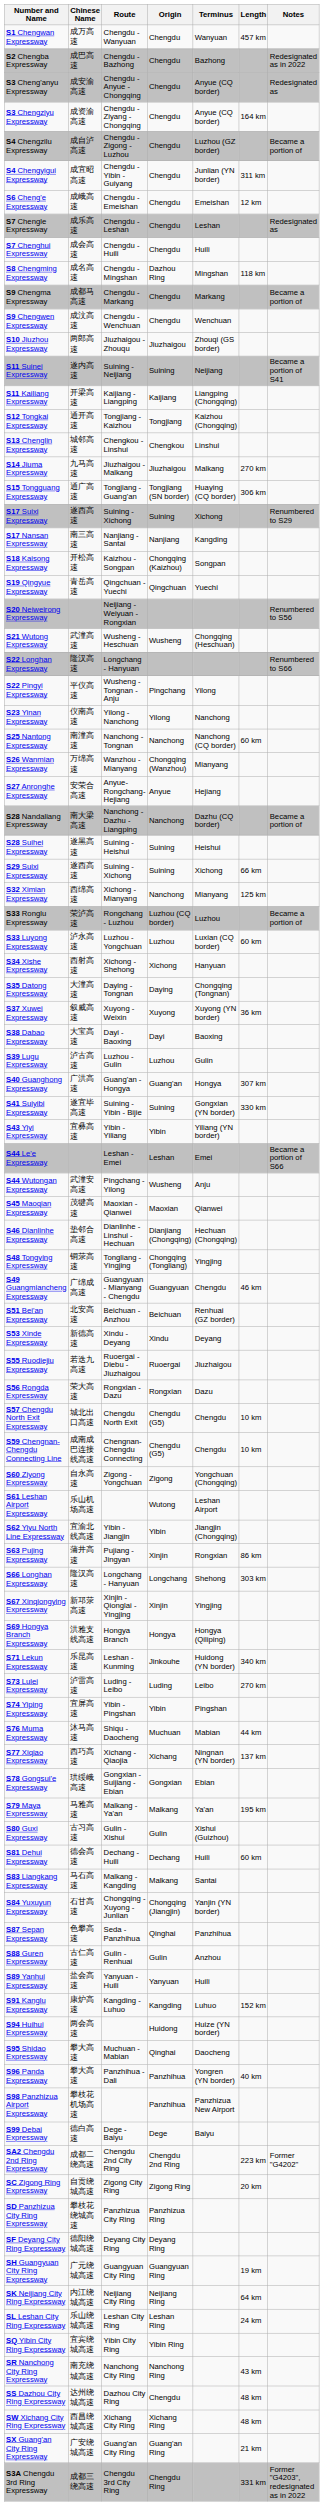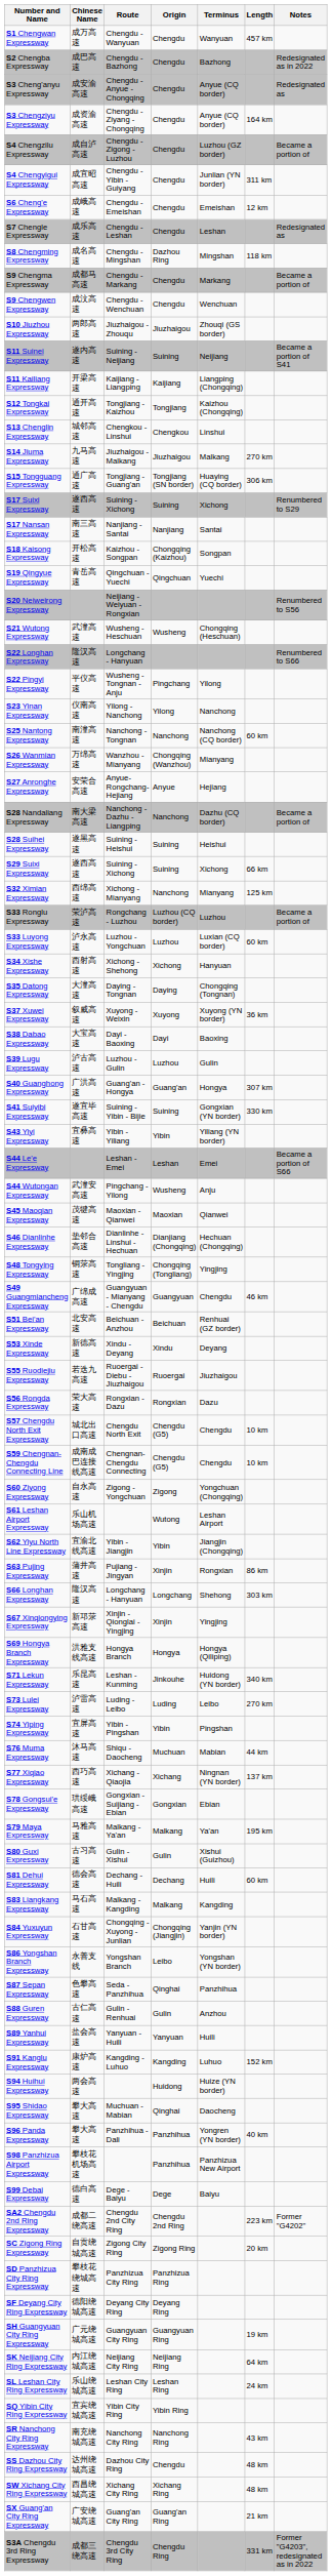 <table class="wikitable collapsible">
 <tr>
 <th>Number and Name</th>
 <th>Chinese Name</th>
 <th>Route</th>
 <th>Origin</th>
 <th>Terminus</th>
 <th>Length</th>
 <th>Notes</th>
 </tr>
 <tr>
 <td> <a href='#'><strong>S1</strong> Chengwan Expressway</a></td>
 <td>成万高速</td>
 <td>Chengdu - Wanyuan</td>
 <td>Chengdu</td>
 <td>Wanyuan</td>
 <td>457 km</td>
 <td></td>
 </tr>
 <tr style="background:Silver; color:black;">
 <td> <strong>S2</strong> Chengba Expressway</td>
 <td>成巴高速</td>
 <td>Chengdu - Bazhong</td>
 <td>Chengdu</td>
 <td>Bazhong</td>
 <td></td>
 <td>Redesignated as  in 2022</td>
 </tr>
 <tr style="background:Silver; color:black;">
 <td> <strong>S3</strong> Cheng'anyu Expressway</td>
 <td>成安渝高速</td>
 <td>Chengdu - Anyue - Chongqing</td>
 <td>Chengdu</td>
 <td>Anyue (CQ border)</td>
 <td></td>
 <td>Redesignated as </td>
 </tr>
 <tr>
 <td> <a href='#'><strong>S3</strong> Chengziyu Expressway</a></td>
 <td>成资渝高速</td>
 <td>Chengdu - Ziyang - Chongqing</td>
 <td>Chengdu</td>
 <td>Anyue (CQ border)</td>
 <td>164 km</td>
 <td></td>
 </tr>
 <tr style="background:Silver; color:black;">
 <td> <strong>S4</strong> Chengzilu Expressway</td>
 <td>成自泸高速</td>
 <td>Chengdu - Zigong - Luzhou</td>
 <td>Chengdu</td>
 <td>Luzhou (GZ border)</td>
 <td></td>
 <td>Became a portion of </td>
 </tr>
 <tr>
 <td> <a href='#'><strong>S4</strong> Chengyigui Expressway</a></td>
 <td>成宜昭高速</td>
 <td>Chengdu - Yibin - Guiyang</td>
 <td>Chengdu</td>
 <td>Junlian (YN border)</td>
 <td>311 km</td>
 <td></td>
 </tr>
 <tr>
 <td> <a href='#'><strong>S6</strong> Cheng'e Expressway</a></td>
 <td>成峨高速</td>
 <td>Chengdu - Emeishan</td>
 <td>Chengdu</td>
 <td>Emeishan</td>
 <td>12 km</td>
 <td></td>
 </tr>
 <tr style="background:Silver; color:black;">
 <td> <strong>S7</strong> Chengle Expressway</td>
 <td>成乐高速</td>
 <td>Chengdu - Leshan</td>
 <td>Chengdu</td>
 <td>Leshan</td>
 <td></td>
 <td>Redesignated as </td>
-</tr>
-<tr>
-<td> <a href='#'><strong>S7</strong> Chenghui Expressway</a></td>
-<td>成会高速</td>
-<td>Chengdu - Huili</td>
-<td>Chengdu</td>
-<td>Huili</td>
-<td></td>
-<td></td>
 </tr>
 <tr>
 <td> <a href='#'><strong>S8</strong> Chengming Expressway</a></td>
 <td>成名高速</td>
 <td>Chengdu - Mingshan</td>
 <td>Dazhou Ring</td>
 <td>Mingshan</td>
 <td>118 km</td>
 <td></td>
 </tr>
 <tr style="background:Silver; color:black;">
 <td> <strong>S9</strong> Chengma Expressway</td>
 <td>成都马高速</td>
 <td>Chengdu - Markang</td>
 <td>Chengdu</td>
 <td>Markang</td>
 <td></td>
 <td>Became a portion of </td>
 </tr>
 <tr>
 <td> <a href='#'><strong>S9</strong> Chengwen Expressway</a></td>
 <td>成汶高速</td>
 <td>Chengdu - Wenchuan</td>
 <td>Chengdu</td>
 <td>Wenchuan</td>
 <td></td>
 <td></td>
 </tr>
 <tr>
 <td><a href='#'><strong>S10</strong> Jiuzhou Expressway</a></td>
 <td>两郎高速</td>
 <td>Jiuzhaigou - Zhouqu</td>
 <td>Jiuzhaigou</td>
 <td>Zhouqi (GS border)</td>
 <td></td>
 </tr>
 <tr style="background:Silver; color:black;">
 <td> <a href='#'><strong>S11</strong> Suinei Expressway</a></td>
 <td>遂内高速</td>
 <td>Suining - Neijiang</td>
 <td>Suining</td>
 <td>Neijiang</td>
 <td></td>
 <td>Became a portion of S41</td>
 </tr>
 <tr>
 <td><a href='#'><strong>S11</strong> Kailiang Expressway</a></td>
 <td>开梁高速</td>
 <td>Kaijiang - Liangping</td>
 <td>Kaijiang</td>
 <td>Liangping (Chongqing)</td>
 <td></td>
 <td></td>
 </tr>
 <tr>
 <td><a href='#'><strong>S12</strong> Tongkai Expressway</a></td>
 <td>通开高速</td>
 <td>Tongjiang - Kaizhou</td>
 <td>Tongjiang</td>
 <td>Kaizhou (Chongqing)</td>
 <td></td>
 <td></td>
 </tr>
 <tr>
 <td><a href='#'><strong>S13</strong> Chenglin Expressway</a></td>
 <td>城邻高速</td>
 <td>Chengkou - Linshui</td>
 <td>Chengkou</td>
 <td>Linshui</td>
 <td></td>
 <td></td>
 </tr>
 <tr>
 <td><a href='#'><strong>S14</strong> Jiuma Expressway</a></td>
 <td>九马高速</td>
 <td>Jiuzhaigou - Malkang</td>
 <td>Jiuzhaigou</td>
 <td>Malkang</td>
 <td>270 km</td>
 <td></td>
 </tr>
 <tr>
 <td><a href='#'><strong>S15</strong> Tongguang Expressway</a></td>
 <td>通广高速</td>
 <td>Tongjiang - Guang'an</td>
 <td>Tongjiang (SN border)</td>
 <td>Huaying (CQ border)</td>
 <td>306 km</td>
 <td></td>
 </tr>
 <tr style="background:Silver; color:black;">
 <td> <a href='#'><strong>S17</strong> Suixi Expressway</a></td>
 <td>遂西高速</td>
 <td>Suining - Xichong</td>
 <td>Suining</td>
 <td>Xichong</td>
 <td></td>
 <td>Renumbered to S29</td>
 </tr>
 <tr>
 <td> <a href='#'><strong>S17</strong> Nansan Expressway</a></td>
 <td>南三高速</td>
 <td>Nanjiang - Santai</td>
 <td>Nanjiang</td>
-<td>Kangding</td>
+<td>Santai</td>
 <td></td>
 <td></td>
 </tr>
 <tr>
 <td> <a href='#'><strong>S18</strong> Kaisong Expressway</a></td>
 <td>开松高速</td>
 <td>Kaizhou - Songpan</td>
 <td>Chongqing (Kaizhou)</td>
 <td>Songpan</td>
 <td></td>
 <td></td>
 </tr>
 <tr>
 <td><a href='#'><strong>S19</strong> Qingyue Expressway</a></td>
 <td>青岳高速</td>
 <td>Qingchuan - Yuechi</td>
 <td>Qingchuan</td>
 <td>Yuechi</td>
 <td></td>
 <td></td>
 </tr>
 <tr style="background:Silver; color:black;">
 <td><a href='#'><strong>S20</strong> Neiweirong Expressway</a></td>
 <td></td>
 <td>Neijiang - Weiyuan - Rongxian</td>
 <td></td>
 <td></td>
 <td></td>
 <td>Renumbered to S56</td>
 </tr>
 <tr>
 <td><a href='#'><strong>S21</strong> Wutong Expressway</a></td>
 <td>武潼高速</td>
 <td>Wusheng - Heschuan</td>
 <td>Wusheng</td>
 <td>Chongqing (Heschuan)</td>
 <td></td>
 <td></td>
 </tr>
 <tr style="background:Silver; color:black;">
 <td><a href='#'><strong>S22</strong> Longhan Expressway</a></td>
 <td>隆汉高速</td>
 <td>Longchang - Hanyuan</td>
 <td></td>
 <td></td>
 <td></td>
 <td>Renumbered to S66</td>
 </tr>
 <tr>
 <td><a href='#'><strong>S22</strong> Pingyi Expressway</a></td>
 <td>平仪高速</td>
 <td>Wusheng - Tongnan - Anju</td>
 <td>Pingchang</td>
 <td>Yilong</td>
 <td></td>
 <td></td>
 </tr>
 <tr>
 <td><a href='#'><strong>S23</strong> Yinan Expressway</a></td>
 <td>仪南高速</td>
 <td>Yilong - Nanchong</td>
 <td>Yilong</td>
 <td>Nanchong</td>
 <td></td>
 <td></td>
 </tr>
 <tr>
 <td><a href='#'><strong>S25</strong> Nantong Expressway</a></td>
 <td>南潼高速</td>
 <td>Nanchong - Tongnan</td>
 <td>Nanchong</td>
 <td>Nanchong (CQ border)</td>
 <td>60 km</td>
 <td></td>
 </tr>
 <tr>
 <td><a href='#'><strong>S26</strong> Wanmian Expressway</a></td>
 <td>万绵高速</td>
 <td>Wanzhou - Mianyang</td>
 <td>Chongqing (Wanzhou)</td>
 <td>Mianyang</td>
 <td></td>
 <td></td>
 </tr>
 <tr>
 <td><a href='#'><strong>S27</strong> Anronghe Expressway</a></td>
 <td>安荣合高速</td>
 <td>Anyue-Rongchang-Hejiang</td>
 <td>Anyue</td>
 <td>Hejiang</td>
 <td></td>
 <td></td>
 </tr>
 <tr style="background:Silver; color:black;">
 <td><strong>S28</strong> Nandaliang Expressway</td>
 <td>南大梁高速</td>
 <td>Nanchong - Dazhu - Liangping</td>
 <td>Nanchong</td>
 <td>Dazhu (CQ border)</td>
 <td></td>
 <td>Became a portion of </td>
 </tr>
 <tr>
 <td><a href='#'><strong>S28</strong> Suihei Expressway</a></td>
 <td>遂黑高速</td>
 <td>Suining - Heishui</td>
 <td>Suining</td>
 <td>Heishui</td>
 <td></td>
 <td></td>
 </tr>
 <tr>
 <td><a href='#'><strong>S29</strong> Suixi Expressway</a></td>
 <td>遂西高速</td>
 <td>Suining - Xichong</td>
 <td>Suining</td>
 <td>Xichong</td>
 <td>66 km</td>
 <td></td>
 </tr>
 <tr>
 <td><a href='#'><strong>S32</strong> Ximian Expressway</a></td>
 <td>西绵高速</td>
 <td>Xichong - Mianyang</td>
 <td>Nanchong</td>
 <td>Mianyang</td>
 <td>125 km</td>
 <td></td>
 </tr>
 <tr style="background:Silver; color:black;">
 <td><strong>S33</strong> Ronglu Expressway</td>
 <td>荣泸高速</td>
 <td>Rongchang - Luzhou</td>
 <td>Luzhou (CQ border)</td>
 <td>Luzhou</td>
 <td></td>
 <td>Became a portion of </td>
 </tr>
 <tr>
 <td><a href='#'><strong>S33</strong> Luyong Expressway</a></td>
 <td>泸永高速</td>
 <td>Luzhou - Yongchuan</td>
 <td>Luzhou</td>
 <td>Luxian (CQ border)</td>
 <td>60 km</td>
 <td></td>
 </tr>
 <tr>
 <td><a href='#'><strong>S34</strong> Xishe Expressway</a></td>
 <td>西射高速</td>
 <td>Xichong - Shehong</td>
 <td>Xichong</td>
 <td>Hanyuan</td>
 <td></td>
 <td></td>
 </tr>
 <tr>
 <td><a href='#'><strong>S35</strong> Datong Expressway</a></td>
 <td>大潼高速</td>
 <td>Daying - Tongnan</td>
 <td>Daying</td>
 <td>Chongqing (Tongnan)</td>
 <td></td>
 <td></td>
 </tr>
 <tr>
 <td><a href='#'><strong>S37</strong> Xuwei Expressway</a></td>
 <td>叙威高速</td>
 <td>Xuyong - Weixin</td>
 <td>Xuyong</td>
 <td>Xuyong (YN border)</td>
 <td>36 km</td>
 <td></td>
 </tr>
 <tr>
 <td><a href='#'><strong>S38</strong> Dabao Expressway</a></td>
 <td>大宝高速</td>
 <td>Dayi - Baoxing</td>
 <td>Dayi</td>
 <td>Baoxing</td>
 <td></td>
 <td></td>
 </tr>
 <tr>
 <td><a href='#'><strong>S39</strong> Lugu Expressway</a></td>
 <td>泸古高速</td>
 <td>Luzhou - Gulin</td>
 <td>Luzhou</td>
 <td>Gulin</td>
 <td></td>
 <td></td>
 </tr>
 <tr>
 <td> <a href='#'><strong>S40</strong> Guanghong Expressway</a></td>
 <td>广洪高速</td>
 <td>Guang'an - Hongya</td>
 <td>Guang'an</td>
 <td>Hongya</td>
 <td>307 km</td>
 <td></td>
 </tr>
 <tr>
 <td> <a href='#'><strong>S41</strong> Suiyibi Expressway</a></td>
 <td>遂宜毕高速</td>
 <td>Suining - Yibin - Bijie</td>
 <td>Suining</td>
 <td>Gongxian (YN border)</td>
 <td>330 km</td>
 <td></td>
 </tr>
 <tr>
 <td><a href='#'><strong>S43</strong> Yiyi Expressway</a></td>
 <td>宜彝高速</td>
 <td>Yibin - Yiliang</td>
 <td>Yibin</td>
 <td>Yiliang (YN border)</td>
 <td></td>
 <td></td>
 </tr>
 <tr style="background:Silver; color:black;">
 <td><a href='#'><strong>S44</strong> Le'e Expressway</a></td>
 <td></td>
 <td>Leshan - Emei</td>
 <td>Leshan</td>
 <td>Emei</td>
 <td></td>
 <td>Became a portion of S66</td>
 </tr>
 <tr>
 <td><a href='#'><strong>S44</strong> Wutongan Expressway</a></td>
 <td>武潼安高速</td>
 <td>Pingchang - Yilong</td>
 <td>Wusheng</td>
 <td>Anju</td>
 <td></td>
 <td></td>
 </tr>
 <tr>
 <td><a href='#'><strong>S45</strong> Maoqian Expressway</a></td>
 <td>茂犍高速</td>
 <td>Maoxian - Qianwei</td>
 <td>Maoxian</td>
 <td>Qianwei</td>
 <td></td>
 <td></td>
 </tr>
 <tr>
 <td><a href='#'><strong>S46</strong> Dianlinhe Expressway</a></td>
 <td>垫邻合高速</td>
 <td>Dianlinhe - Linshui - Hechuan</td>
 <td>Dianjiang (Chongqing)</td>
 <td>Hechuan (Chongqing)</td>
 <td></td>
 <td></td>
 </tr>
 <tr>
 <td><a href='#'><strong>S48</strong> Tongying Expressway</a></td>
 <td>铜荥高速</td>
 <td>Tongliang - Yingjing</td>
 <td>Chongqing (Tongliang)</td>
 <td>Yingjing</td>
 <td></td>
 <td></td>
 </tr>
 <tr>
 <td><a href='#'><strong>S49</strong> Guangmiancheng Expressway</a></td>
 <td>广绵成高速</td>
 <td>Guangyuan - Mianyang - Chengdu</td>
 <td>Guangyuan</td>
 <td>Chengdu</td>
 <td>46 km</td>
 <td></td>
 </tr>
 <tr>
 <td><a href='#'><strong>S51</strong> Bei'an Expressway</a></td>
 <td>北安高速</td>
 <td>Beichuan - Anzhou</td>
 <td>Beichuan</td>
 <td>Renhuai (GZ border)</td>
 <td></td>
 <td></td>
 </tr>
 <tr>
 <td><a href='#'><strong>S53</strong> Xinde Expressway</a></td>
 <td>新德高速</td>
 <td>Xindu - Deyang</td>
 <td>Xindu</td>
 <td>Deyang</td>
 <td></td>
 <td></td>
 </tr>
 <tr>
 <td><a href='#'><strong>S55</strong> Ruodiejiu Expressway</a></td>
 <td>若迭九高速</td>
 <td>Ruoergai - Diebu - Jiuzhaigou</td>
 <td>Ruoergai</td>
 <td>Jiuzhaigou</td>
 <td></td>
 <td></td>
 </tr>
 <tr>
 <td><a href='#'><strong>S56</strong> Rongda Expressway</a></td>
 <td>荣大高速</td>
 <td>Rongxian - Dazu</td>
 <td>Rongxian</td>
 <td>Dazu</td>
 <td></td>
 <td></td>
 </tr>
 <tr>
 <td><a href='#'><strong>S57</strong> Chengdu North Exit Expressway</a></td>
 <td>城北出口高速</td>
 <td>Chengdu North Exit</td>
 <td>Chengdu (G5)</td>
 <td>Chengdu</td>
 <td>10 km</td>
 <td></td>
 </tr>
 <tr>
 <td><a href='#'><strong>S59</strong> Chengnan-Chengdu Connecting Line</a></td>
 <td>成南成巴连接线高速</td>
 <td>Chengnan-Chengdu Connecting</td>
 <td>Chengdu (G5)</td>
 <td>Chengdu</td>
 <td>10 km</td>
 <td></td>
 </tr>
 <tr>
 <td><a href='#'><strong>S60</strong> Ziyong Expressway</a></td>
 <td>自永高速</td>
 <td>Zigong - Yongchuan</td>
 <td>Zigong</td>
 <td>Yongchuan (Chongqing)</td>
 <td></td>
 <td></td>
 </tr>
 <tr>
 <td><a href='#'><strong>S61</strong> Leshan Airport Expressway</a></td>
 <td>乐山机场高速</td>
 <td></td>
 <td>Wutong</td>
 <td>Leshan Airport</td>
 <td></td>
 <td></td>
 </tr>
 <tr>
 <td><a href='#'><strong>S62</strong> Yiyu North Line Expressway</a></td>
 <td>宜渝北线高速</td>
 <td>Yibin - Jiangjin</td>
 <td>Yibin</td>
 <td>Jiangjin (Chongqing)</td>
 <td></td>
 <td></td>
 </tr>
 <tr>
 <td><a href='#'><strong>S63</strong> Pujing Expressway</a></td>
 <td>蒲井高速</td>
 <td>Pujiang - Jingyan</td>
 <td>Xinjin</td>
 <td>Rongxian</td>
 <td>86 km</td>
 <td></td>
 </tr>
 <tr>
 <td> <a href='#'><strong>S66</strong> Longhan Expressway</a></td>
 <td>隆汉高速</td>
 <td>Longchang - Hanyuan</td>
 <td>Longchang</td>
 <td>Shehong</td>
 <td>303 km</td>
 <td></td>
 </tr>
 <tr>
 <td><a href='#'><strong>S67</strong> Xinqiongying Expressway</a></td>
 <td>新邛荥高速</td>
 <td>Xinjin - Qionglai - Yingjing</td>
 <td>Xinjin</td>
 <td>Yingjing</td>
 <td></td>
 <td></td>
 </tr>
 <tr>
 <td><a href='#'><strong>S69</strong> Hongya Branch Expressway</a></td>
 <td>洪雅支线高速</td>
 <td>Hongya Branch</td>
 <td>Hongya</td>
 <td>Hongya (Qiliping)</td>
 <td></td>
 <td></td>
 </tr>
 <tr>
 <td><a href='#'><strong>S71</strong> Lekun Expressway</a></td>
 <td>乐昆高速</td>
 <td>Leshan - Kunming</td>
 <td>Jinkouhe</td>
 <td>Huidong (YN border)</td>
 <td>340 km</td>
 <td></td>
 </tr>
 <tr>
 <td><a href='#'><strong>S73</strong> Lulei Expressway</a></td>
 <td>泸雷高速</td>
 <td>Luding - Leibo</td>
 <td>Luding</td>
 <td>Leibo</td>
 <td>270 km</td>
 <td></td>
 </tr>
 <tr>
 <td><a href='#'><strong>S74</strong> Yiping Expressway</a></td>
 <td>宜屏高速</td>
 <td>Yibin - Pingshan</td>
 <td>Yibin</td>
 <td>Pingshan</td>
 <td></td>
 <td></td>
 </tr>
 <tr>
 <td><a href='#'><strong>S76</strong> Muma Expressway</a></td>
 <td>沐马高速</td>
 <td>Shiqu - Daocheng</td>
 <td>Muchuan</td>
 <td>Mabian</td>
 <td>44 km</td>
 <td></td>
 </tr>
 <tr>
 <td><a href='#'><strong>S77</strong> Xiqiao Expressway</a></td>
 <td>西巧高速</td>
 <td>Xichang - Qiaojia</td>
 <td>Xichang</td>
 <td>Ningnan (YN border)</td>
 <td>137 km</td>
 <td></td>
 </tr>
 <tr>
 <td><a href='#'><strong>S78</strong> Gongsui'e Expressway</a></td>
 <td>珙绥峨高速</td>
 <td>Gongxian - Suijiang - Ebian</td>
 <td>Gongxian</td>
 <td>Ebian</td>
 <td></td>
 <td></td>
 </tr>
 <tr>
 <td><a href='#'><strong>S79</strong> Maya Expressway</a></td>
 <td>马雅高速</td>
 <td>Malkang - Ya'an</td>
 <td>Malkang</td>
 <td>Ya'an</td>
 <td>195 km</td>
 <td></td>
 </tr>
 <tr>
 <td><a href='#'><strong>S80</strong> Guxi Expressway</a></td>
 <td>古习高速</td>
 <td>Gulin - Xishui</td>
 <td>Gulin</td>
 <td>Xishui (Guizhou)</td>
 <td></td>
 <td></td>
 </tr>
 <tr>
 <td><a href='#'><strong>S81</strong> Dehui Expressway</a></td>
 <td>德会高速</td>
 <td>Dechang - Huili</td>
 <td>Dechang</td>
 <td>Huili</td>
 <td>60 km</td>
 <td></td>
 </tr>
 <tr>
 <td><a href='#'><strong>S83</strong> Liangkang Expressway</a></td>
 <td>马石高速</td>
 <td>Malkang - Kangding</td>
 <td>Malkang</td>
-<td>Santai</td>
+<td>Kangding</td>
 <td></td>
 <td></td>
 </tr>
 <tr>
 <td><a href='#'><strong>S84</strong> Yuxuyun Expressway</a></td>
 <td>石甘高速</td>
 <td>Chongqing - Xuyong - Junlian</td>
 <td>Chongqing (Jiangjin)</td>
 <td>Yanjin (YN border)</td>
+<td></td>
+<td></td>
+</tr>
+<tr>
+<td><a href='#'><strong>S86</strong> Yongshan Branch Expressway</a></td>
+<td>永善支线</td>
+<td>Yongshan Branch</td>
+<td>Leibo</td>
+<td>Yongshan (YN border)</td>
 <td></td>
 <td></td>
 </tr>
 <tr>
 <td><a href='#'><strong>S87</strong> Sepan Expressway</a></td>
 <td>色攀高速</td>
 <td>Seda - Panzhihua</td>
 <td>Qinghai</td>
 <td>Panzhihua</td>
 <td></td>
 <td></td>
 </tr>
 <tr>
 <td><a href='#'><strong>S88</strong> Guren Expressway</a></td>
 <td>古仁高速</td>
 <td>Gulin - Renhuai</td>
 <td>Gulin</td>
 <td>Anzhou</td>
 <td></td>
 <td></td>
 </tr>
 <tr>
 <td><a href='#'><strong>S89</strong> Yanhui Expressway</a></td>
 <td>盐会高速</td>
 <td>Yanyuan - Huili</td>
 <td>Yanyuan</td>
 <td>Huili</td>
 <td></td>
 <td></td>
 </tr>
 <tr>
 <td><a href='#'><strong>S91</strong> Kanglu Expressway</a></td>
 <td>康炉高速</td>
 <td>Kangding - Luhuo</td>
 <td>Kangding</td>
 <td>Luhuo</td>
 <td>152 km</td>
 <td></td>
 </tr>
 <tr>
 <td><a href='#'><strong>S94</strong> Huihui Expressway</a></td>
 <td>两会高速</td>
 <td></td>
 <td>Huidong</td>
 <td>Huize (YN border)</td>
 <td></td>
 <td></td>
 </tr>
 <tr>
 <td><a href='#'><strong>S95</strong> Shidao Expressway</a></td>
 <td>攀大高速</td>
 <td>Muchuan - Mabian</td>
 <td>Qinghai</td>
 <td>Daocheng</td>
 <td></td>
 <td></td>
 </tr>
 <tr>
 <td><a href='#'><strong>S96</strong> Panda Expressway</a></td>
 <td>攀大高速</td>
 <td>Panzhihua - Dali</td>
 <td>Panzhihua</td>
 <td>Yongren (YN border)</td>
 <td>40 km</td>
 <td></td>
 </tr>
 <tr>
 <td><a href='#'><strong>S98</strong> Panzhizua Airport Expressway</a></td>
 <td>攀枝花机场高速</td>
 <td></td>
 <td>Panzhihua</td>
 <td>Panzhizua New Airport</td>
 <td></td>
 <td></td>
 </tr>
 <tr>
 <td><a href='#'><strong>S99</strong> Debai Expressway</a></td>
 <td>德白高速</td>
 <td>Dege - Baiyu</td>
 <td>Dege</td>
 <td>Baiyu</td>
 <td></td>
 <td></td>
 </tr>
 <tr>
 <td><a href='#'><strong>SA2</strong> Chengdu 2nd Ring Expressway</a></td>
 <td>成都二绕高速</td>
 <td>Chengdu 2nd City Ring</td>
 <td>Chengdu 2nd Ring</td>
 <td></td>
 <td>223 km</td>
 <td>Former "G4202"</td>
 </tr>
 <tr>
 <td><a href='#'><strong>SC</strong> Zigong Ring Expressway</a></td>
 <td>自贡绕城高速</td>
 <td>Zigong City Ring</td>
 <td>Zigong Ring</td>
 <td></td>
 <td>20 km</td>
 <td></td>
 </tr>
 <tr>
 <td><a href='#'><strong>SD</strong> Panzhizua City Ring Expressway</a></td>
 <td>攀枝花绕城高速</td>
 <td>Panzhizua City Ring</td>
 <td>Panzhizua Ring</td>
 <td></td>
 <td></td>
 <td></td>
 </tr>
 <tr>
 <td><a href='#'><strong>SF</strong> Deyang City Ring Expressway</a></td>
 <td>德阳绕城高速</td>
 <td>Deyang City Ring</td>
 <td>Deyang Ring</td>
 <td></td>
 <td></td>
 <td></td>
 </tr>
 <tr>
 <td><a href='#'><strong>SH</strong> Guangyuan City Ring Expressway</a></td>
 <td>广元绕城高速</td>
 <td>Guangyuan City Ring</td>
 <td>Guangyuan Ring</td>
 <td></td>
 <td>19 km</td>
 <td></td>
 </tr>
 <tr>
 <td><a href='#'><strong>SK</strong> Neijiang City Ring Expressway</a></td>
 <td>内江绕城高速</td>
 <td>Neijiang City Ring</td>
 <td>Neijiang Ring</td>
 <td></td>
 <td>64 km</td>
 <td></td>
 </tr>
 <tr>
 <td><a href='#'><strong>SL</strong> Leshan City Ring Expressway</a></td>
 <td>乐山绕城高速</td>
 <td>Leshan City Ring</td>
 <td>Leshan Ring</td>
 <td></td>
 <td>24 km</td>
 <td></td>
 </tr>
 <tr>
 <td><a href='#'><strong>SQ</strong> Yibin City Ring Expressway</a></td>
 <td>宜宾绕城高速</td>
 <td>Yibin City Ring</td>
 <td>Yibin Ring</td>
 <td></td>
 <td></td>
 <td></td>
 </tr>
 <tr>
 <td><a href='#'><strong>SR</strong> Nanchong City Ring Expressway</a></td>
 <td>南充绕城高速</td>
 <td>Nanchong City Ring</td>
 <td>Nanchong Ring</td>
 <td></td>
 <td>43 km</td>
 <td></td>
 </tr>
 <tr>
 <td><a href='#'><strong>SS</strong> Dazhou City Ring Expressway</a></td>
 <td>达州绕城高速</td>
 <td>Dazhou City Ring</td>
 <td>Chengdu</td>
 <td></td>
 <td>48 km</td>
 <td></td>
 </tr>
 <tr>
 <td><a href='#'><strong>SW</strong> Xichang City Ring Expressway</a></td>
 <td>西昌绕城高速</td>
 <td>Xichang City Ring</td>
 <td>Xichang Ring</td>
 <td></td>
 <td>48 km</td>
 <td></td>
 </tr>
 <tr>
 <td><a href='#'><strong>SX</strong> Guang'an City Ring Expressway</a></td>
 <td>广安绕城高速</td>
 <td>Guang'an City Ring</td>
 <td>Guang'an Ring</td>
 <td></td>
 <td>21 km</td>
 <td></td>
 </tr>
 <tr style="background:Silver; color:black;">
 <td><strong>S3A</strong> Chengdu 3rd Ring Expressway</td>
 <td>成都三绕高速</td>
 <td>Chengdu 3rd City Ring</td>
 <td>Chengdu Ring</td>
 <td></td>
 <td>331 km</td>
 <td>Former "G4203", redesignated as  in 2022</td>
 </tr>
 </table>
